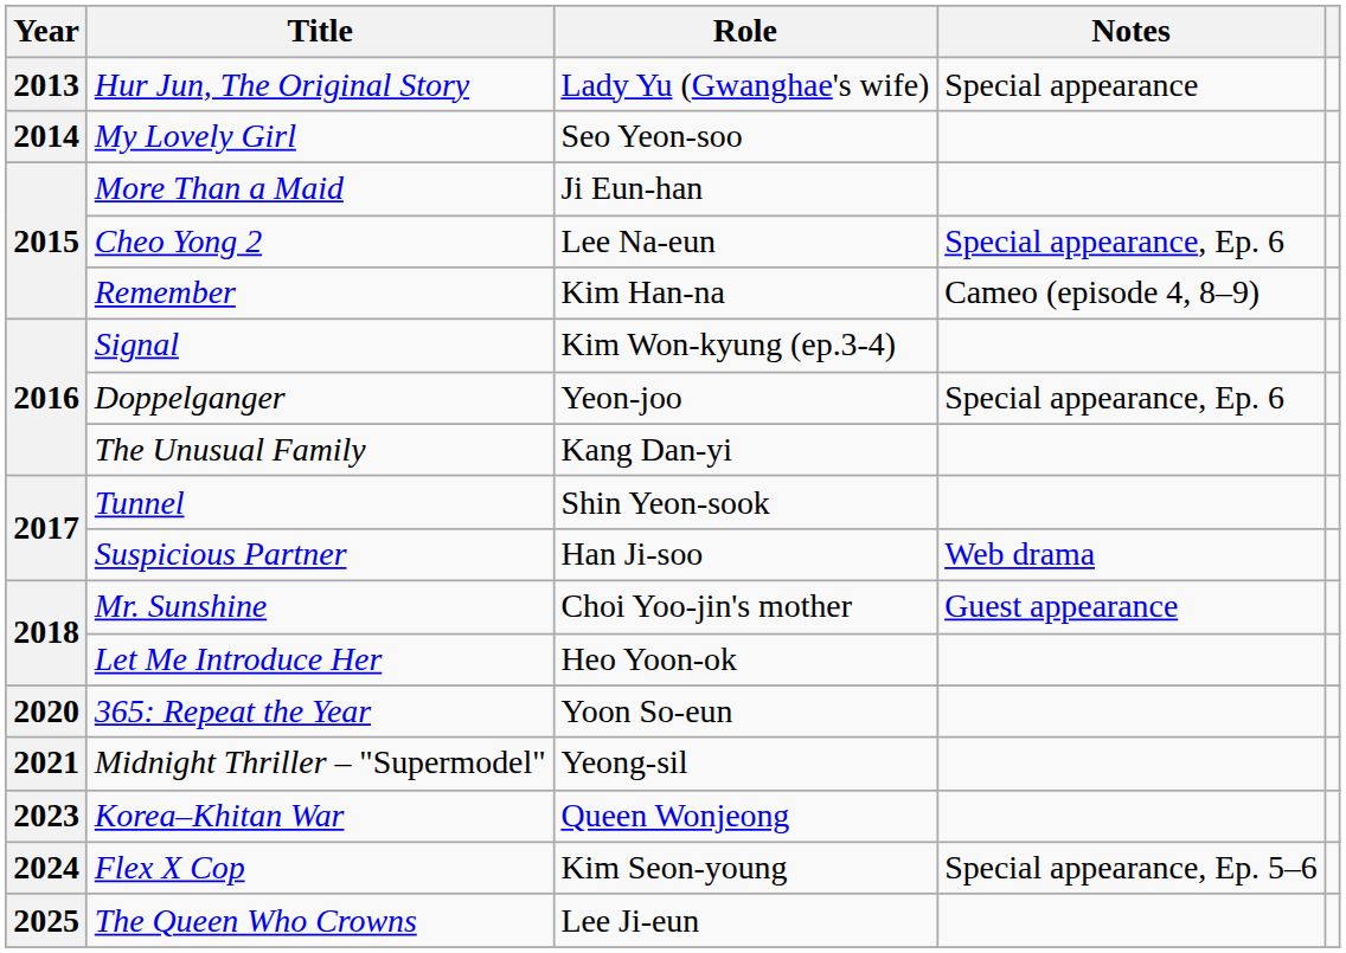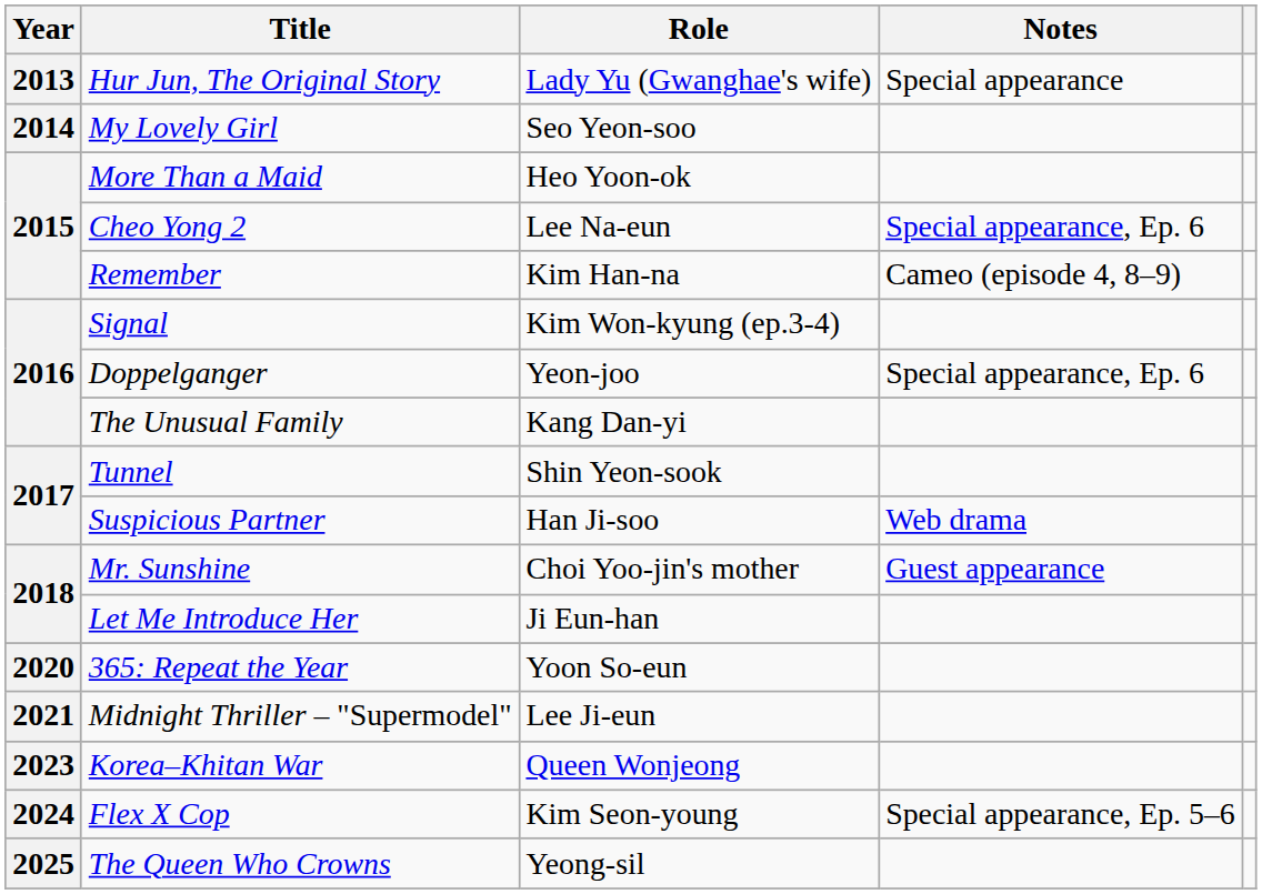 <table class="wikitable plainrowheaders sortable">
 <tr>
 <th scope="col">Year</th>
 <th scope="col">Title</th>
 <th scope="col">Role</th>
 <th scope="col">Notes</th>
 <th scope="col" class="unsortable"></th>
 </tr>
 <tr>
 <th scope="row">2013</th>
 <td><em><a href='#'>Hur Jun, The Original Story</a></em></td>
 <td><a href='#'>Lady Yu</a> (<a href='#'>Gwanghae</a>'s wife)</td>
 <td>Special appearance</td>
 <td style="text-align:center"></td>
 </tr>
 <tr>
 <th scope="row">2014</th>
 <td><em><a href='#'>My Lovely Girl</a></em></td>
 <td>Seo Yeon-soo</td>
 <td></td>
 <td style="text-align:center"></td>
 </tr>
 <tr>
 <th scope="row" rowspan="3">2015</th>
 <td><em><a href='#'>More Than a Maid</a></em></td>
-<td>Ji Eun-han</td>
+<td>Heo Yoon-ok</td>
 <td></td>
 <td style="text-align:center"></td>
 </tr>
 <tr>
 <td><em><a href='#'>Cheo Yong 2</a></em></td>
 <td>Lee Na-eun</td>
 <td><a href='#'>Special appearance</a>, Ep. 6</td>
 <td style="text-align:center"></td>
 </tr>
 <tr>
 <td><em><a href='#'>Remember</a></em></td>
 <td>Kim Han-na</td>
 <td>Cameo (episode 4, 8–9)</td>
 <td style="text-align:center"></td>
 </tr>
 <tr>
 <th scope="row" rowspan="3">2016</th>
 <td><em><a href='#'>Signal</a></em></td>
 <td>Kim Won-kyung (ep.3-4)</td>
 <td></td>
 <td style="text-align:center"></td>
 </tr>
 <tr>
 <td><em>Doppelganger</em></td>
 <td>Yeon-joo</td>
 <td>Special appearance, Ep. 6</td>
 <td style="text-align:center"></td>
 </tr>
 <tr>
 <td><em>The Unusual Family</em></td>
 <td>Kang Dan-yi</td>
 <td></td>
 <td style="text-align:center"></td>
 </tr>
 <tr>
 <th scope="row" rowspan="2">2017</th>
 <td><em><a href='#'>Tunnel</a></em></td>
 <td>Shin Yeon-sook</td>
 <td></td>
 <td style="text-align:center"></td>
 </tr>
 <tr>
 <td><em><a href='#'>Suspicious Partner</a></em></td>
 <td>Han Ji-soo</td>
 <td><a href='#'>Web drama</a></td>
 <td style="text-align:center"></td>
 </tr>
 <tr>
 <th scope="row" rowspan="2">2018</th>
 <td><em><a href='#'>Mr. Sunshine</a></em></td>
 <td>Choi Yoo-jin's mother</td>
 <td><a href='#'>Guest appearance</a></td>
 <td style="text-align:center"></td>
 </tr>
 <tr>
 <td><em><a href='#'>Let Me Introduce Her</a></em></td>
-<td>Heo Yoon-ok</td>
+<td>Ji Eun-han</td>
 <td></td>
 <td style="text-align:center"></td>
 </tr>
 <tr>
 <th scope="row">2020</th>
 <td><em><a href='#'>365: Repeat the Year</a></em></td>
 <td>Yoon So-eun</td>
 <td></td>
 <td style="text-align:center"></td>
 </tr>
 <tr>
 <th scope="row">2021</th>
 <td><em>Midnight Thriller</em> – "Supermodel"</td>
-<td>Yeong-sil</td>
+<td>Lee Ji-eun</td>
 <td></td>
 <td style="text-align:center"></td>
 </tr>
 <tr>
 <th scope="row">2023</th>
 <td><em><a href='#'>Korea–Khitan War</a></em></td>
 <td><a href='#'>Queen Wonjeong</a></td>
 <td></td>
 <td style="text-align:center"></td>
 </tr>
 <tr>
 <th scope="row">2024</th>
 <td><em><a href='#'>Flex X Cop</a></em></td>
 <td>Kim Seon-young</td>
 <td>Special appearance, Ep. 5–6</td>
 <td style="text-align:center"></td>
 </tr>
 <tr>
 <th scope="row">2025</th>
 <td><em><a href='#'>The Queen Who Crowns</a></em></td>
-<td>Lee Ji-eun</td>
+<td>Yeong-sil</td>
 <td></td>
 <td style="text-align:center"></td>
 </tr>
 </table>
